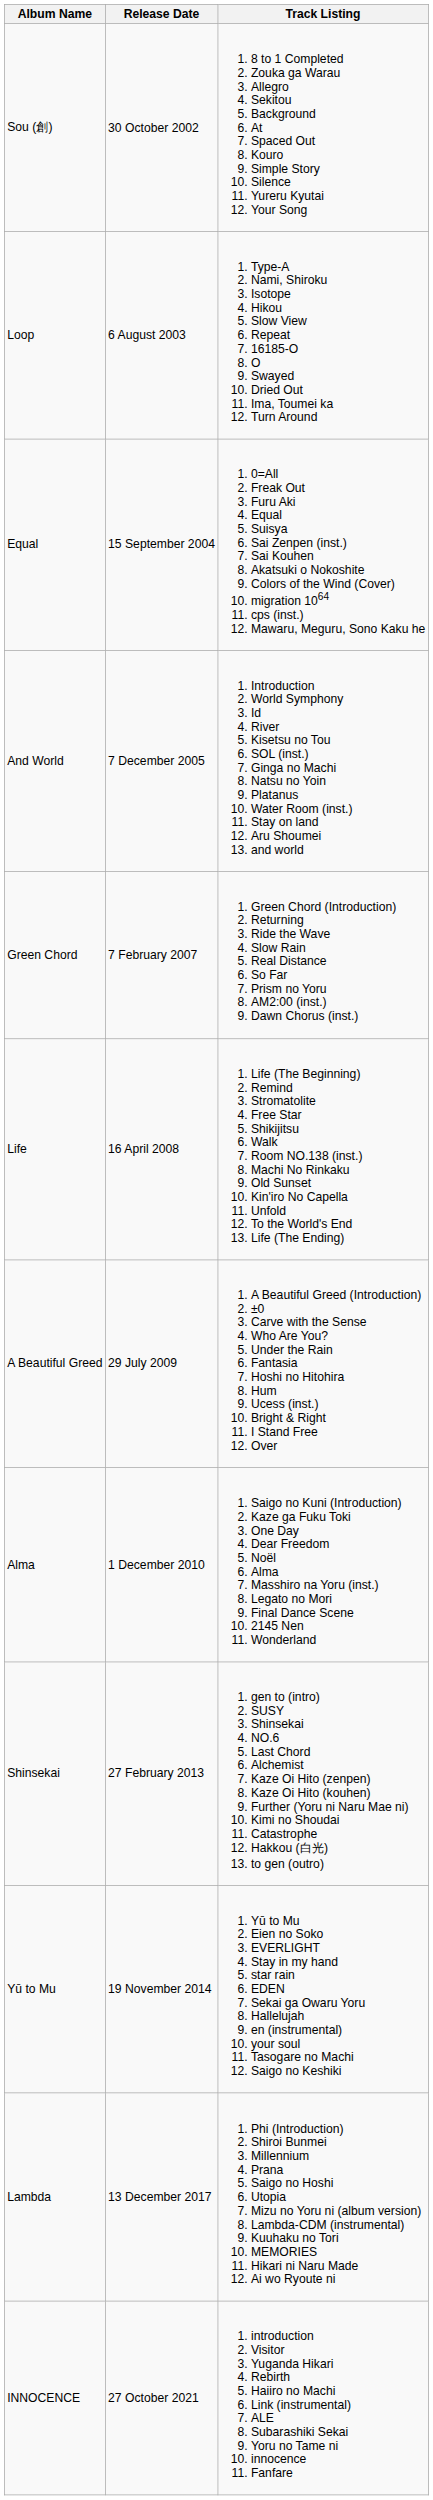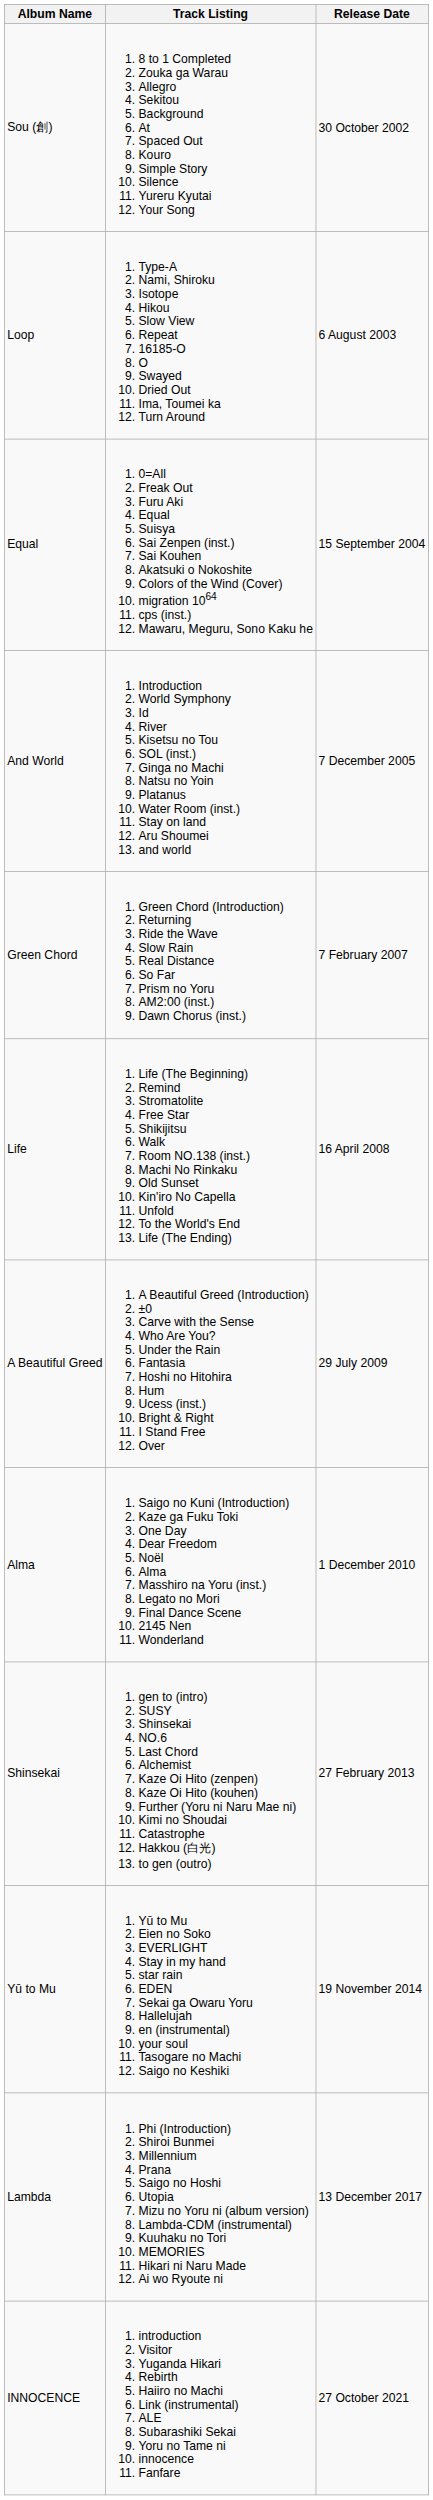 <table class="wikitable">
 <tr>
 <th>Album Name</th>
+<th>Track Listing</th>
 <th>Release Date</th>
-<th>Track Listing</th>
 </tr>
 <tr>
 <td>Sou (創)</td>
+<td><br><ol><li>8 to 1 Completed</li><li>Zouka ga Warau</li><li>Allegro</li><li>Sekitou</li><li>Background</li><li>At</li><li>Spaced Out</li><li>Kouro</li><li>Simple Story</li><li>Silence</li><li>Yureru Kyutai</li><li>Your Song</li></ol></td>
 <td>30 October 2002</td>
-<td><br><ol><li>8 to 1 Completed</li><li>Zouka ga Warau</li><li>Allegro</li><li>Sekitou</li><li>Background</li><li>At</li><li>Spaced Out</li><li>Kouro</li><li>Simple Story</li><li>Silence</li><li>Yureru Kyutai</li><li>Your Song</li></ol></td>
 </tr>
 <tr>
 <td>Loop</td>
+<td><br><ol><li>Type-A</li><li>Nami, Shiroku</li><li>Isotope</li><li>Hikou</li><li>Slow View</li><li>Repeat</li><li>16185-O</li><li>O</li><li>Swayed</li><li>Dried Out</li><li>Ima, Toumei ka</li><li>Turn Around</li></ol></td>
 <td>6 August 2003</td>
-<td><br><ol><li>Type-A</li><li>Nami, Shiroku</li><li>Isotope</li><li>Hikou</li><li>Slow View</li><li>Repeat</li><li>16185-O</li><li>O</li><li>Swayed</li><li>Dried Out</li><li>Ima, Toumei ka</li><li>Turn Around</li></ol></td>
 </tr>
 <tr>
 <td>Equal</td>
+<td><br><ol><li>0=All</li><li>Freak Out</li><li>Furu Aki</li><li>Equal</li><li>Suisya</li><li>Sai Zenpen (inst.)</li><li>Sai Kouhen</li><li>Akatsuki o Nokoshite</li><li>Colors of the Wind (Cover)</li><li>migration 10<sup>64</sup></li><li>cps (inst.)</li><li>Mawaru, Meguru, Sono Kaku he</li></ol></td>
 <td>15 September 2004</td>
-<td><br><ol><li>0=All</li><li>Freak Out</li><li>Furu Aki</li><li>Equal</li><li>Suisya</li><li>Sai Zenpen (inst.)</li><li>Sai Kouhen</li><li>Akatsuki o Nokoshite</li><li>Colors of the Wind (Cover)</li><li>migration 10<sup>64</sup></li><li>cps (inst.)</li><li>Mawaru, Meguru, Sono Kaku he</li></ol></td>
 </tr>
 <tr>
 <td>And World</td>
+<td><br><ol><li>Introduction</li><li>World Symphony</li><li>Id</li><li>River</li><li>Kisetsu no Tou</li><li>SOL (inst.)</li><li>Ginga no Machi</li><li>Natsu no Yoin</li><li>Platanus</li><li>Water Room (inst.)</li><li>Stay on land</li><li>Aru Shoumei</li><li>and world</li></ol></td>
 <td>7 December 2005</td>
-<td><br><ol><li>Introduction</li><li>World Symphony</li><li>Id</li><li>River</li><li>Kisetsu no Tou</li><li>SOL (inst.)</li><li>Ginga no Machi</li><li>Natsu no Yoin</li><li>Platanus</li><li>Water Room (inst.)</li><li>Stay on land</li><li>Aru Shoumei</li><li>and world</li></ol></td>
 </tr>
 <tr>
 <td>Green Chord</td>
+<td><br><ol><li>Green Chord (Introduction)</li><li>Returning</li><li>Ride the Wave</li><li>Slow Rain</li><li>Real Distance</li><li>So Far</li><li>Prism no Yoru</li><li>AM2:00 (inst.)</li><li>Dawn Chorus (inst.)</li></ol></td>
 <td>7 February 2007</td>
-<td><br><ol><li>Green Chord (Introduction)</li><li>Returning</li><li>Ride the Wave</li><li>Slow Rain</li><li>Real Distance</li><li>So Far</li><li>Prism no Yoru</li><li>AM2:00 (inst.)</li><li>Dawn Chorus (inst.)</li></ol></td>
 </tr>
 <tr>
 <td>Life</td>
+<td><br><ol><li>Life (The Beginning)</li><li>Remind</li><li>Stromatolite</li><li>Free Star</li><li>Shikijitsu</li><li>Walk</li><li>Room NO.138 (inst.)</li><li>Machi No Rinkaku</li><li>Old Sunset</li><li>Kin'iro No Capella</li><li>Unfold</li><li>To the World's End</li><li>Life (The Ending)</li></ol></td>
 <td>16 April 2008</td>
-<td><br><ol><li>Life (The Beginning)</li><li>Remind</li><li>Stromatolite</li><li>Free Star</li><li>Shikijitsu</li><li>Walk</li><li>Room NO.138 (inst.)</li><li>Machi No Rinkaku</li><li>Old Sunset</li><li>Kin'iro No Capella</li><li>Unfold</li><li>To the World's End</li><li>Life (The Ending)</li></ol></td>
 </tr>
 <tr>
 <td>A Beautiful Greed</td>
+<td><br><ol><li>A Beautiful Greed (Introduction)</li><li>±0</li><li>Carve with the Sense</li><li>Who Are You?</li><li>Under the Rain</li><li>Fantasia</li><li>Hoshi no Hitohira</li><li>Hum</li><li>Ucess (inst.)</li><li>Bright & Right</li><li>I Stand Free</li><li>Over</li></ol></td>
 <td>29 July 2009</td>
-<td><br><ol><li>A Beautiful Greed (Introduction)</li><li>±0</li><li>Carve with the Sense</li><li>Who Are You?</li><li>Under the Rain</li><li>Fantasia</li><li>Hoshi no Hitohira</li><li>Hum</li><li>Ucess (inst.)</li><li>Bright & Right</li><li>I Stand Free</li><li>Over</li></ol></td>
 </tr>
 <tr>
 <td>Alma</td>
+<td><br><ol><li>Saigo no Kuni (Introduction)</li><li>Kaze ga Fuku Toki</li><li>One Day</li><li>Dear Freedom</li><li>Noël</li><li>Alma</li><li>Masshiro na Yoru (inst.)</li><li>Legato no Mori</li><li>Final Dance Scene</li><li>2145 Nen</li><li>Wonderland</li></ol></td>
 <td>1 December 2010</td>
-<td><br><ol><li>Saigo no Kuni (Introduction)</li><li>Kaze ga Fuku Toki</li><li>One Day</li><li>Dear Freedom</li><li>Noël</li><li>Alma</li><li>Masshiro na Yoru (inst.)</li><li>Legato no Mori</li><li>Final Dance Scene</li><li>2145 Nen</li><li>Wonderland</li></ol></td>
 </tr>
 <tr>
 <td>Shinsekai</td>
+<td><br><ol><li>gen to (intro)</li><li>SUSY</li><li>Shinsekai</li><li>NO.6</li><li>Last Chord</li><li>Alchemist</li><li>Kaze Oi Hito (zenpen)</li><li>Kaze Oi Hito (kouhen)</li><li>Further (Yoru ni Naru Mae ni)</li><li>Kimi no Shoudai</li><li>Catastrophe</li><li>Hakkou (白光)</li><li>to gen (outro)</li></ol></td>
 <td>27 February 2013</td>
-<td><br><ol><li>gen to (intro)</li><li>SUSY</li><li>Shinsekai</li><li>NO.6</li><li>Last Chord</li><li>Alchemist</li><li>Kaze Oi Hito (zenpen)</li><li>Kaze Oi Hito (kouhen)</li><li>Further (Yoru ni Naru Mae ni)</li><li>Kimi no Shoudai</li><li>Catastrophe</li><li>Hakkou (白光)</li><li>to gen (outro)</li></ol></td>
 </tr>
 <tr>
 <td>Yū to Mu</td>
+<td><br><ol><li>Yū to Mu</li><li>Eien no Soko</li><li>EVERLIGHT</li><li>Stay in my hand</li><li>star rain</li><li>EDEN</li><li>Sekai ga Owaru Yoru</li><li>Hallelujah</li><li>en (instrumental)</li><li>your soul</li><li>Tasogare no Machi</li><li>Saigo no Keshiki</li></ol></td>
 <td>19 November 2014</td>
-<td><br><ol><li>Yū to Mu</li><li>Eien no Soko</li><li>EVERLIGHT</li><li>Stay in my hand</li><li>star rain</li><li>EDEN</li><li>Sekai ga Owaru Yoru</li><li>Hallelujah</li><li>en (instrumental)</li><li>your soul</li><li>Tasogare no Machi</li><li>Saigo no Keshiki</li></ol></td>
 </tr>
 <tr>
 <td>Lambda</td>
+<td><br><ol><li>Phi (Introduction)</li><li>Shiroi Bunmei</li><li>Millennium</li><li>Prana</li><li>Saigo no Hoshi</li><li>Utopia</li><li>Mizu no Yoru ni (album version)</li><li>Lambda-CDM (instrumental)</li><li>Kuuhaku no Tori</li><li>MEMORIES</li><li>Hikari ni Naru Made</li><li>Ai wo Ryoute ni</li></ol></td>
 <td>13 December 2017</td>
-<td><br><ol><li>Phi (Introduction)</li><li>Shiroi Bunmei</li><li>Millennium</li><li>Prana</li><li>Saigo no Hoshi</li><li>Utopia</li><li>Mizu no Yoru ni (album version)</li><li>Lambda-CDM (instrumental)</li><li>Kuuhaku no Tori</li><li>MEMORIES</li><li>Hikari ni Naru Made</li><li>Ai wo Ryoute ni</li></ol></td>
 </tr>
 <tr>
 <td>INNOCENCE</td>
+<td><br><ol><li>introduction</li><li>Visitor</li><li>Yuganda Hikari</li><li>Rebirth</li><li>Haiiro no Machi</li><li>Link (instrumental)</li><li>ALE</li><li>Subarashiki Sekai</li><li>Yoru no Tame ni</li><li>innocence</li><li>Fanfare</li></ol></td>
 <td>27 October 2021</td>
-<td><br><ol><li>introduction</li><li>Visitor</li><li>Yuganda Hikari</li><li>Rebirth</li><li>Haiiro no Machi</li><li>Link (instrumental)</li><li>ALE</li><li>Subarashiki Sekai</li><li>Yoru no Tame ni</li><li>innocence</li><li>Fanfare</li></ol></td>
 </tr>
 </table>
